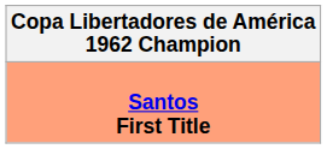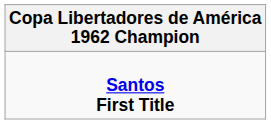 <table class="wikitable" style="text-align: center; margin: 0 auto;">
 <tr>
 <th>Copa Libertadores de América<br>1962 Champion</th>
 </tr>
 <tr>
-<td style="background: lightsalmon;"><br><strong><a href='#'>Santos</a></strong><br><strong>First Title</strong></td>
+<td><br><strong><a href='#'>Santos</a></strong><br><strong>First Title</strong></td>
 </tr>
 </table>
